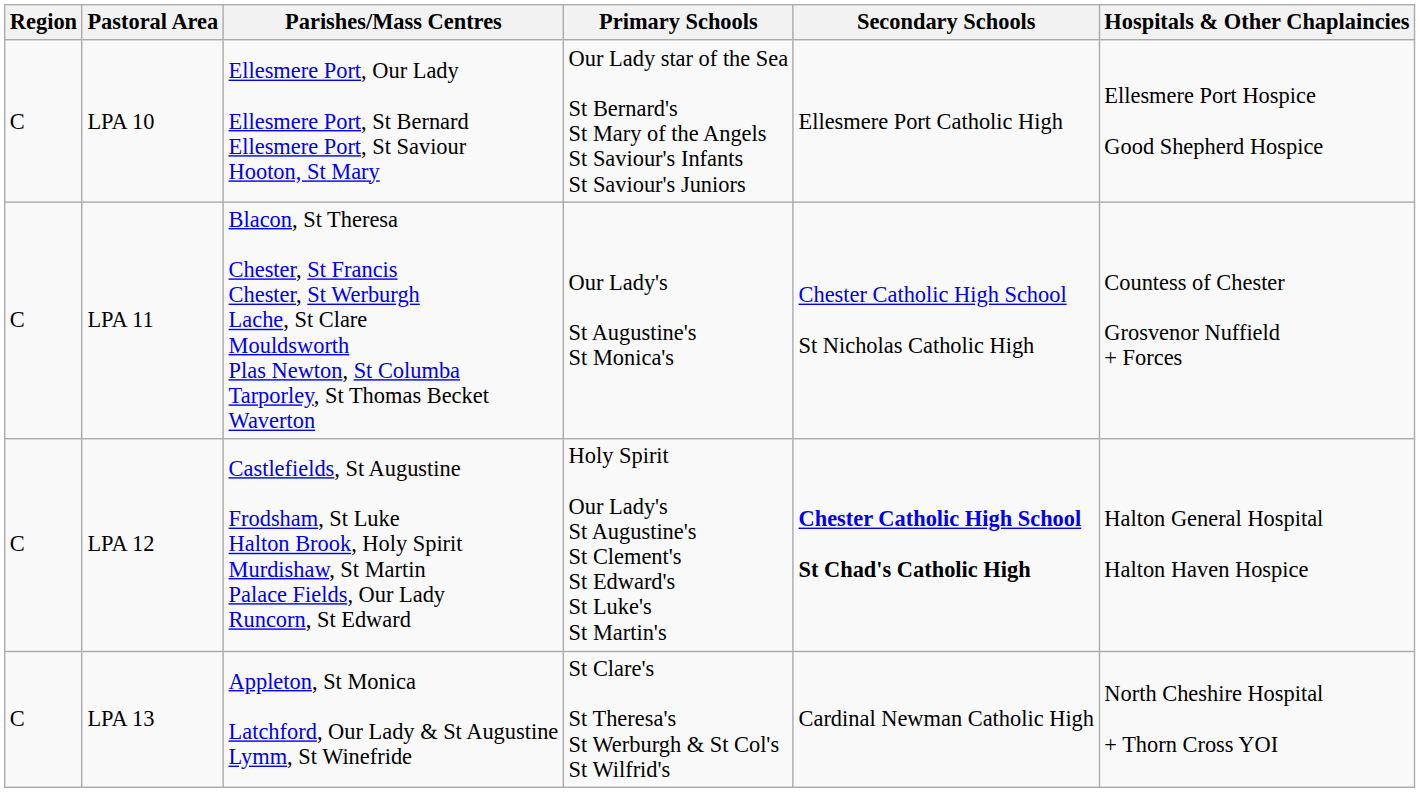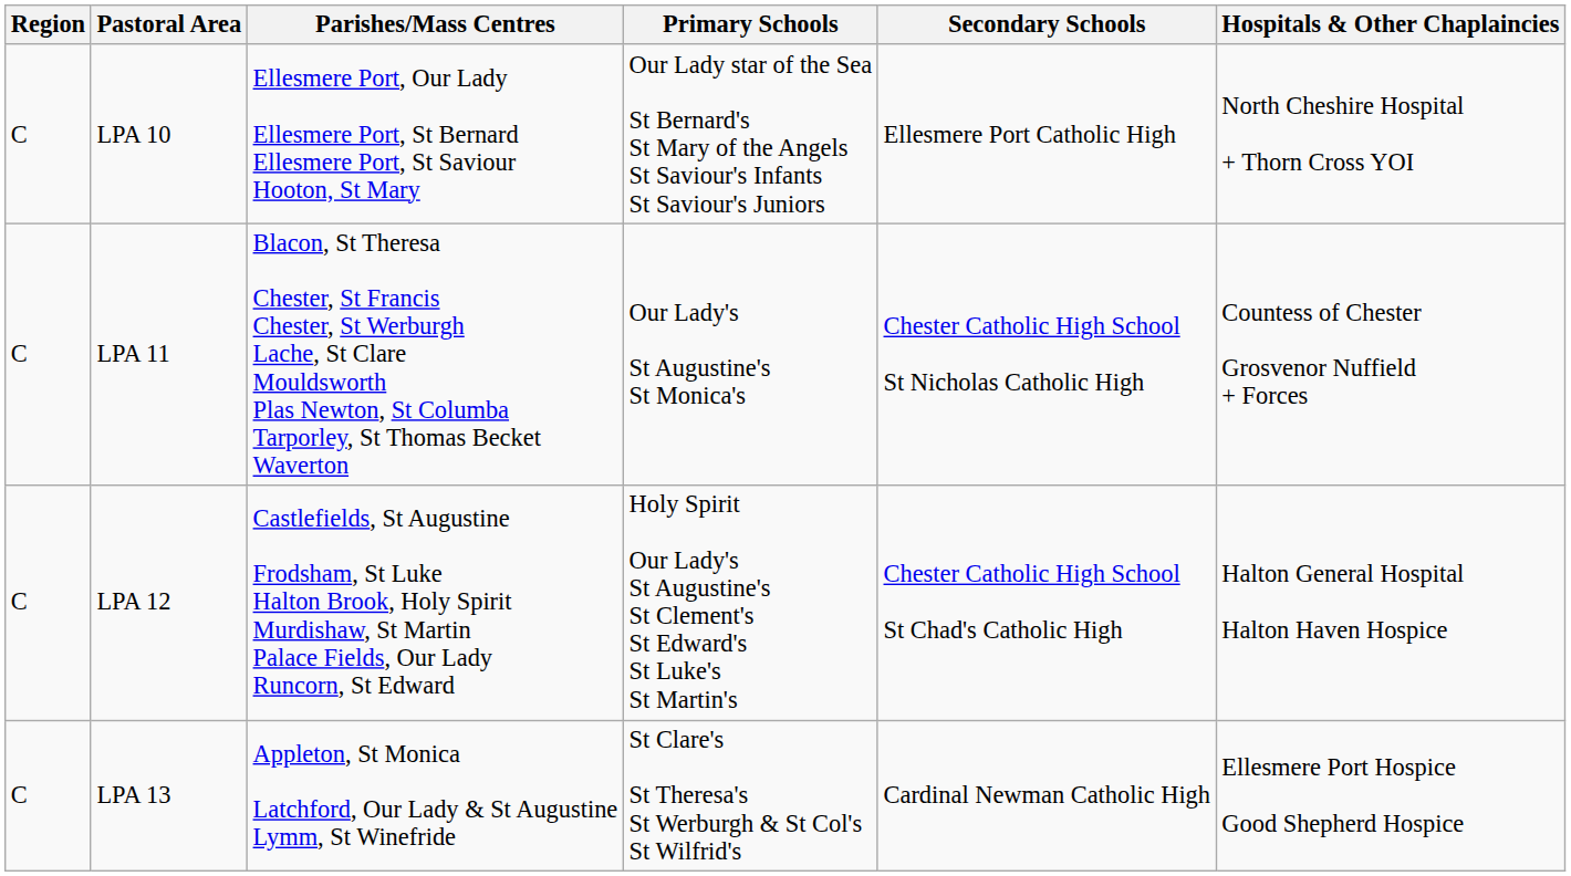 <table class="wikitable">
 <tr>
 <th>Region</th>
 <th>Pastoral Area</th>
 <th>Parishes/Mass Centres</th>
 <th>Primary Schools</th>
 <th>Secondary Schools</th>
 <th>Hospitals & Other Chaplaincies</th>
 </tr>
 <tr>
 <td>C</td>
 <td>LPA 10</td>
 <td><a href='#'>Ellesmere Port</a>, Our Lady <br><br><a href='#'>Ellesmere Port</a>, St Bernard <br> <a href='#'>Ellesmere Port</a>, St Saviour <br> <a href='#'>Hooton, St Mary</a></td>
 <td>Our Lady star of the Sea <br><br>St Bernard's <br> St Mary of the Angels <br> St Saviour's Infants <br> St Saviour's Juniors</td>
 <td>Ellesmere Port Catholic High</td>
-<td>Ellesmere Port Hospice <br><br>Good Shepherd Hospice</td>
+<td>North Cheshire Hospital <br><br>+ Thorn Cross YOI</td>
 </tr>
 <tr>
 <td>C</td>
 <td>LPA 11</td>
 <td><a href='#'>Blacon</a>, St Theresa <br><br><a href='#'>Chester</a>, <a href='#'>St Francis</a><br> <a href='#'>Chester</a>, <a href='#'>St Werburgh</a><br> <a href='#'>Lache</a>, St Clare<br> <a href='#'>Mouldsworth</a><br> <a href='#'>Plas Newton</a>, <a href='#'>St Columba</a><br> <a href='#'>Tarporley</a>, St Thomas Becket<br> <a href='#'>Waverton</a></td>
 <td>Our Lady's<br><br>St Augustine's<br> St Monica's</td>
 <td><a href='#'>Chester Catholic High School</a> <br><br>St Nicholas Catholic High</td>
 <td>Countess of Chester <br><br>Grosvenor Nuffield <br> + Forces</td>
 </tr>
 <tr>
 <td>C</td>
 <td>LPA 12</td>
 <td><a href='#'>Castlefields</a>, St Augustine <br><br><a href='#'>Frodsham</a>, St Luke<br> <a href='#'>Halton Brook</a>, Holy Spirit<br> <a href='#'>Murdishaw</a>, St Martin<br> <a href='#'>Palace Fields</a>, Our Lady<br> <a href='#'>Runcorn</a>, St Edward</td>
 <td>Holy Spirit <br><br>Our Lady's <br> St Augustine's<br> St Clement's<br> St Edward's<br> St Luke's<br> St Martin's</td>
-<td><strong><a href='#'>Chester Catholic High School</a> <br><br>St Chad's Catholic High</strong></td>
+<td><a href='#'>Chester Catholic High School</a> <br><br>St Chad's Catholic High</td>
 <td>Halton General Hospital <br><br>Halton Haven Hospice</td>
 </tr>
 <tr>
 <td>C</td>
 <td>LPA 13</td>
 <td><a href='#'>Appleton</a>, St Monica <br><br><a href='#'>Latchford</a>, Our Lady & St Augustine <br> <a href='#'>Lymm</a>, St Winefride</td>
 <td>St Clare's <br><br>St Theresa's <br> St Werburgh & St Col's <br> St Wilfrid's</td>
 <td>Cardinal Newman Catholic High</td>
-<td>North Cheshire Hospital <br><br>+ Thorn Cross YOI</td>
+<td>Ellesmere Port Hospice <br><br>Good Shepherd Hospice</td>
 </tr>
 </table>
